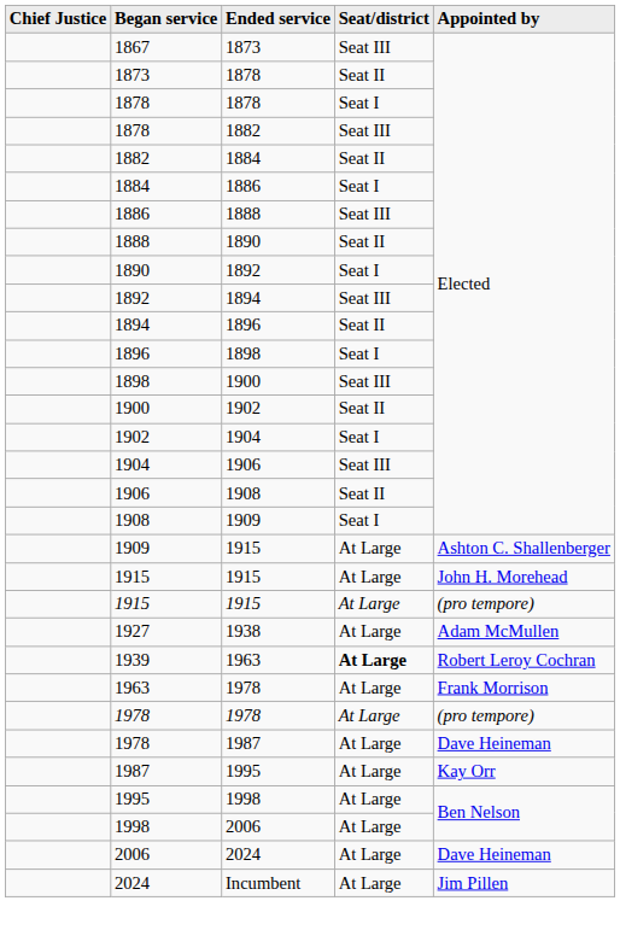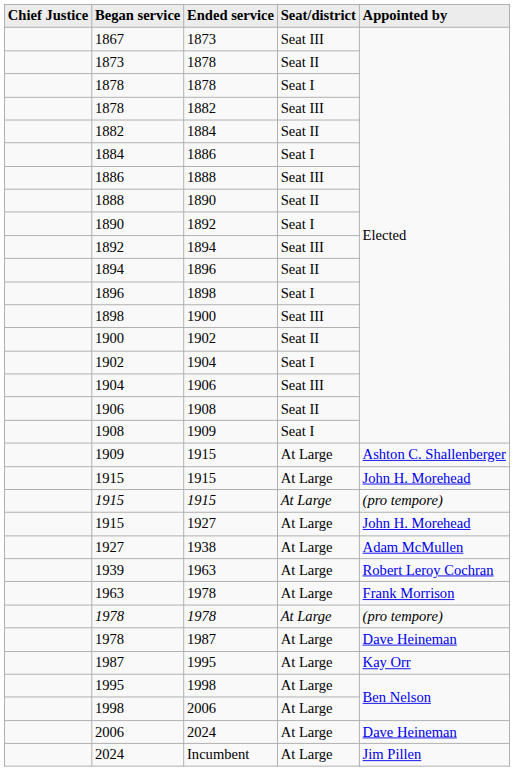 <table class="sortable wikitable">
 <tr bgcolor="#ececec">
 <td><strong>Chief Justice</strong></td>
 <td><strong>Began service</strong></td>
 <td><strong>Ended service</strong></td>
 <td><strong>Seat/district</strong></td>
 <td><strong>Appointed by</strong></td>
 </tr>
 <tr>
 <td></td>
 <td>1867</td>
 <td>1873</td>
 <td>Seat III</td>
 <td rowspan="18">Elected</td>
 </tr>
 <tr>
 <td></td>
 <td>1873</td>
 <td>1878</td>
 <td>Seat II</td>
 </tr>
 <tr>
 <td></td>
 <td>1878</td>
 <td>1878</td>
 <td>Seat I</td>
 </tr>
 <tr>
 <td></td>
 <td>1878</td>
 <td>1882</td>
 <td>Seat III</td>
 </tr>
 <tr>
 <td></td>
 <td>1882</td>
 <td>1884</td>
 <td>Seat II</td>
 </tr>
 <tr>
 <td></td>
 <td>1884</td>
 <td>1886</td>
 <td>Seat I</td>
 </tr>
 <tr>
 <td></td>
 <td>1886</td>
 <td>1888</td>
 <td>Seat III</td>
 </tr>
 <tr>
 <td></td>
 <td>1888</td>
 <td>1890</td>
 <td>Seat II</td>
 </tr>
 <tr>
 <td></td>
 <td>1890</td>
 <td>1892</td>
 <td>Seat I</td>
 </tr>
 <tr>
 <td></td>
 <td>1892</td>
 <td>1894</td>
 <td>Seat III</td>
 </tr>
 <tr>
 <td></td>
 <td>1894</td>
 <td>1896</td>
 <td>Seat II</td>
 </tr>
 <tr>
 <td></td>
 <td>1896</td>
 <td>1898</td>
 <td>Seat I</td>
 </tr>
 <tr>
 <td></td>
 <td>1898</td>
 <td>1900</td>
 <td>Seat III</td>
 </tr>
 <tr>
 <td></td>
 <td>1900</td>
 <td>1902</td>
 <td>Seat II</td>
 </tr>
 <tr>
 <td></td>
 <td>1902</td>
 <td>1904</td>
 <td>Seat I</td>
 </tr>
 <tr>
 <td></td>
 <td>1904</td>
 <td>1906</td>
 <td>Seat III</td>
 </tr>
 <tr>
 <td></td>
 <td>1906</td>
 <td>1908</td>
 <td>Seat II</td>
 </tr>
 <tr>
 <td></td>
 <td>1908</td>
 <td>1909</td>
 <td>Seat I</td>
 </tr>
 <tr>
 <td></td>
 <td>1909</td>
 <td>1915</td>
 <td>At Large</td>
 <td><a href='#'>Ashton C. Shallenberger</a></td>
 </tr>
 <tr>
 <td></td>
 <td>1915</td>
 <td>1915</td>
 <td>At Large</td>
 <td><a href='#'>John H. Morehead</a></td>
 </tr>
 <tr>
 <td><em></em></td>
 <td><em>1915</em></td>
 <td><em>1915</em></td>
 <td><em>At Large</em></td>
 <td><em>(pro tempore)</em></td>
 </tr>
 <tr>
 <td></td>
+<td>1915</td>
+<td>1927</td>
+<td>At Large</td>
+<td><a href='#'>John H. Morehead</a></td>
+</tr>
+<tr>
+<td></td>
 <td>1927</td>
 <td>1938</td>
 <td>At Large</td>
 <td><a href='#'>Adam McMullen</a></td>
 </tr>
 <tr>
 <td></td>
 <td>1939</td>
 <td>1963</td>
-<td><strong>At Large</strong></td>
+<td>At Large</td>
 <td><a href='#'>Robert Leroy Cochran</a></td>
 </tr>
 <tr>
 <td></td>
 <td>1963</td>
 <td>1978</td>
 <td>At Large</td>
 <td><a href='#'>Frank Morrison</a></td>
 </tr>
 <tr>
 <td><em></em></td>
 <td><em>1978</em></td>
 <td><em>1978</em></td>
 <td><em>At Large</em></td>
 <td><em>(pro tempore)</em></td>
 </tr>
 <tr>
 <td></td>
 <td>1978</td>
 <td>1987</td>
 <td>At Large</td>
 <td><a href='#'>Dave Heineman</a></td>
 </tr>
 <tr>
 <td></td>
 <td>1987</td>
 <td>1995</td>
 <td>At Large</td>
 <td><a href='#'>Kay Orr</a></td>
 </tr>
 <tr>
 <td></td>
 <td>1995</td>
 <td>1998</td>
 <td>At Large</td>
 <td rowspan="2'"><a href='#'>Ben Nelson</a></td>
 </tr>
 <tr>
 <td></td>
 <td>1998</td>
 <td>2006</td>
 <td>At Large</td>
 </tr>
 <tr>
 <td></td>
 <td>2006</td>
 <td>2024</td>
 <td>At Large</td>
 <td><a href='#'>Dave Heineman</a></td>
 </tr>
 <tr>
 <td></td>
 <td>2024</td>
 <td>Incumbent</td>
 <td>At Large</td>
 <td><a href='#'>Jim Pillen</a></td>
 </tr>
 </table>
